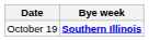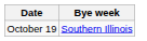 <table class="wikitable" style="font-size:95%;">
 <tr>
 <th>Date</th>
 <th>Bye week</th>
 </tr>
 <tr>
 <td>October 19</td>
-<td><strong><a href='#'>Southern Illinois</a></strong></td>
+<td><a href='#'>Southern Illinois</a></td>
 </tr>
 </table>
